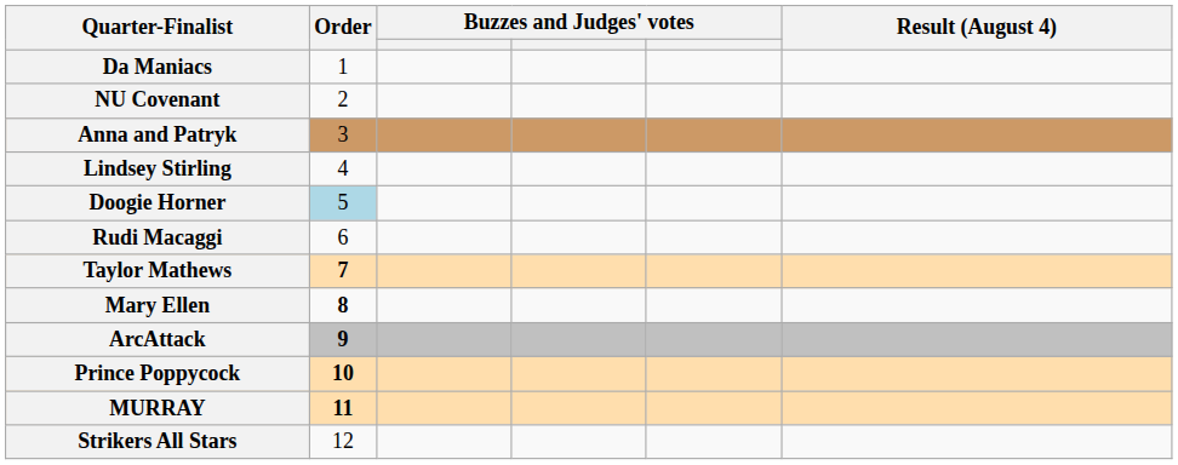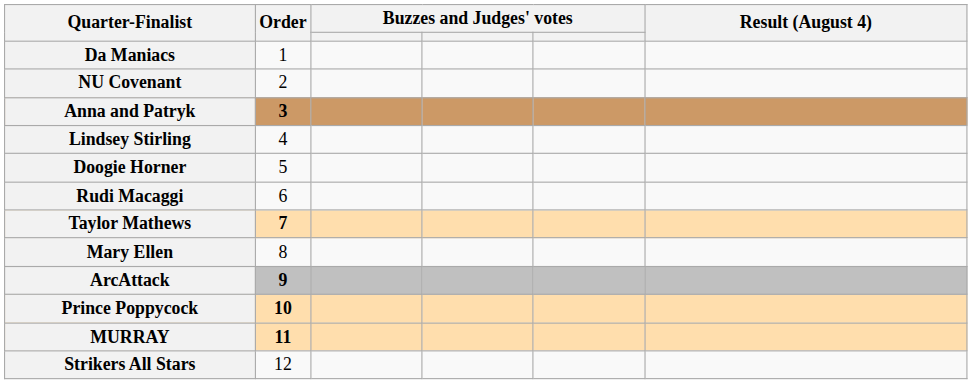 <table class="wikitable plainrowheaders sortable" style="text-align:center;">
 <tr>
 <th scope="col" rowspan="2" class="unsortable" style="width:17em;">Quarter-Finalist</th>
 <th scope="col" rowspan="2" style="width:1em;">Order</th>
 <th scope="col" colspan="3" class="unsortable" style="width:24em;">Buzzes and Judges' votes</th>
 <th scope="col" rowspan="2" style="width:23em;">Result (August 4)</th>
 </tr>
 <tr>
 <th scope="col" class="unsortable" style="width:6em;"></th>
 <th scope="col" class="unsortable" style="width:6em;"></th>
 <th scope="col" class="unsortable" style="width:6em;"></th>
 </tr>
 <tr>
 <th scope="row">Da Maniacs</th>
 <td>1</td>
 <td style="text-align:center;"></td>
 <td style="text-align:center;"></td>
 <td style="text-align:center;"></td>
 <td></td>
 </tr>
 <tr>
 <th scope="row">NU Covenant</th>
 <td>2</td>
 <td style="text-align:center;"></td>
 <td style="text-align:center;"></td>
 <td style="text-align:center;"></td>
 <td></td>
 </tr>
 <tr style="background:#c96;">
 <th scope="row">Anna and Patryk</th>
-<td>3</td>
+<td><strong>3</strong></td>
 <td style="text-align:center;"></td>
 <td style="text-align:center;"></td>
 <td style="text-align:center;"></td>
 <td></td>
 </tr>
 <tr>
 <th scope="row">Lindsey Stirling</th>
 <td>4</td>
 <td style="text-align:center;"></td>
 <td style="text-align:center;"></td>
 <td style="text-align:center;"></td>
 <td></td>
 </tr>
 <tr>
 <th scope="row">Doogie Horner</th>
-<td style="background: lightblue;">5</td>
+<td>5</td>
 <td style="text-align:center;"></td>
 <td style="text-align:center;"></td>
 <td style="text-align:center;"></td>
 <td></td>
 </tr>
 <tr>
 <th scope="row">Rudi Macaggi</th>
 <td>6</td>
 <td style="text-align:center;"></td>
 <td style="text-align:center;"></td>
 <td style="text-align:center;"></td>
 <td></td>
 </tr>
 <tr style="background:NavajoWhite;">
 <th scope="row"><strong>Taylor Mathews</strong></th>
 <td><strong>7</strong></td>
 <td style="text-align:center;"></td>
 <td style="text-align:center;"></td>
 <td style="text-align:center;"></td>
 <td><strong></strong></td>
 </tr>
 <tr>
 <th scope="row">Mary Ellen</th>
-<td><strong>8</strong></td>
+<td>8</td>
 <td style="text-align:center;"></td>
 <td style="text-align:center;"></td>
 <td style="text-align:center;"></td>
 <td></td>
 </tr>
 <tr style="background:silver;">
 <th scope="row"><strong>ArcAttack</strong></th>
 <td><strong>9</strong></td>
 <td style="text-align:center;"></td>
 <td style="text-align:center;"></td>
 <td style="text-align:center;"></td>
 <td><strong></strong></td>
 </tr>
 <tr style="background:NavajoWhite;">
 <th scope="row"><strong>Prince Poppycock</strong></th>
 <td><strong>10</strong></td>
 <td style="text-align:center;"></td>
 <td style="text-align:center;"></td>
 <td style="text-align:center;"></td>
 <td><strong></strong></td>
 </tr>
 <tr style="background:NavajoWhite;">
 <th scope="row"><strong>MURRAY</strong></th>
 <td><strong>11</strong></td>
 <td style="text-align:center;"></td>
 <td style="text-align:center;"></td>
 <td style="text-align:center;"></td>
 <td><strong></strong></td>
 </tr>
 <tr>
 <th scope="row">Strikers All Stars</th>
 <td>12</td>
 <td style="text-align:center;"></td>
 <td style="text-align:center;"></td>
 <td style="text-align:center;"></td>
 <td></td>
 </tr>
 </table>
